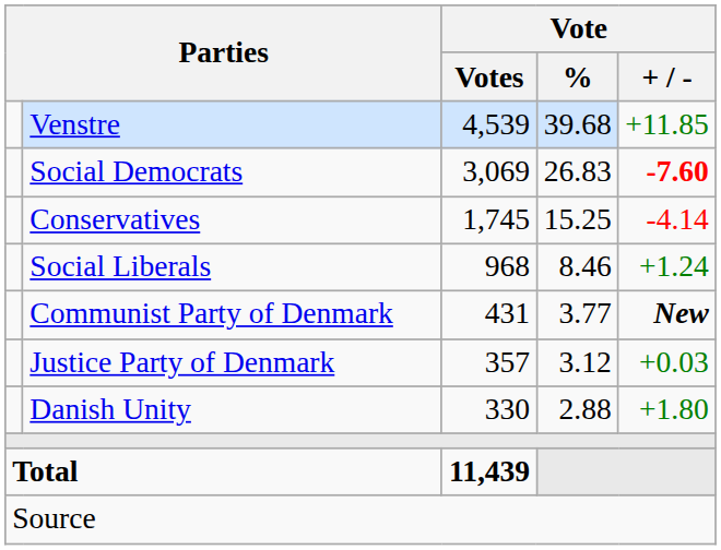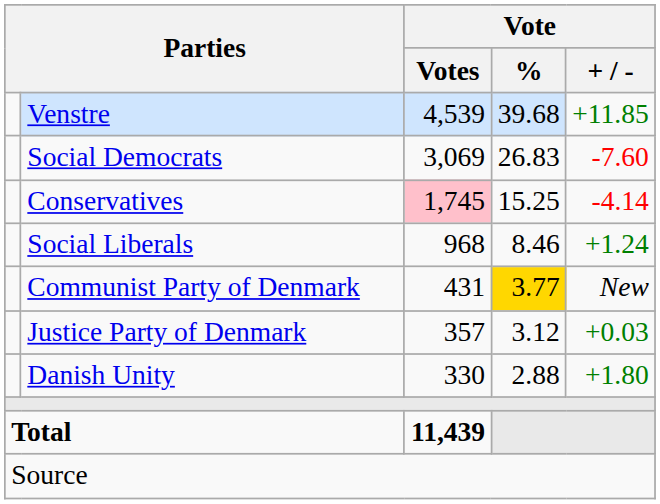 <table class="wikitable" style="text-align:right;">
 <tr>
 <th style="text-align:centre;" rowspan="2" colspan="2" width="225">Parties</th>
 <th colspan="3">Vote</th>
 </tr>
 <tr>
 <th width="15">Votes</th>
 <th width="15">%</th>
 <th width="15">+ / -</th>
 </tr>
 <tr>
 <td width="2" style="color:inherit;background:"></td>
 <td bgcolor=#cfe5fe  align="left"><a href='#'>Venstre</a></td>
 <td bgcolor=#cfe5fe>4,539</td>
 <td bgcolor=#cfe5fe>39.68</td>
 <td style=color:green;>+11.85</td>
 </tr>
 <tr>
 <td width="2" style="color:inherit;background:"></td>
 <td align="left"><a href='#'>Social Democrats</a></td>
 <td>3,069</td>
 <td>26.83</td>
-<td style=color:red;><strong>-7.60</strong></td>
+<td style=color:red;>-7.60</td>
 </tr>
 <tr>
 <td width="2" style="color:inherit;background:"></td>
 <td align="left"><a href='#'>Conservatives</a></td>
-<td>1,745</td>
+<td style="background: pink;">1,745</td>
 <td>15.25</td>
 <td style=color:red;>-4.14</td>
 </tr>
 <tr>
 <td width="2" style="color:inherit;background:"></td>
 <td align="left"><a href='#'>Social Liberals</a></td>
 <td>968</td>
 <td>8.46</td>
 <td style=color:green;>+1.24</td>
 </tr>
 <tr>
 <td width="2" style="color:inherit;background:"></td>
 <td align="left"><a href='#'>Communist Party of Denmark</a></td>
 <td>431</td>
-<td>3.77</td>
-<td><strong><em>New</em></strong></td>
+<td style="background: gold;">3.77</td>
+<td><em>New</em></td>
 </tr>
 <tr>
 <td width="2" style="color:inherit;background:"></td>
 <td align="left"><a href='#'>Justice Party of Denmark</a></td>
 <td>357</td>
 <td>3.12</td>
 <td style=color:green;>+0.03</td>
 </tr>
 <tr>
 <td width="2" style="color:inherit;background:"></td>
 <td align="left"><a href='#'>Danish Unity</a></td>
 <td>330</td>
 <td>2.88</td>
 <td style=color:green;>+1.80</td>
 </tr>
 <tr>
 <td colspan="7" bgcolor="#E9E9E9"></td>
 </tr>
 <tr>
 <td align="left" colspan="2"><strong>Total</strong></td>
 <td><strong>11,439</strong></td>
 <td bgcolor="#E9E9E9" colspan="2"></td>
 </tr>
 <tr>
 <td align="left" colspan="6">Source</td>
 </tr>
 </table>
